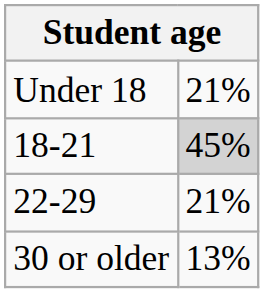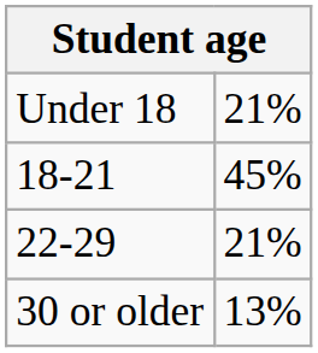 <table class="wikitable">
 <tr>
 <th colspan="2">Student age</th>
 </tr>
 <tr>
 <td>Under 18</td>
 <td>21%</td>
 </tr>
 <tr>
 <td>18-21</td>
-<td style="background: lightgrey;">45%</td>
+<td>45%</td>
 </tr>
 <tr>
 <td>22-29</td>
 <td>21%</td>
 </tr>
 <tr>
 <td>30 or older</td>
 <td>13%</td>
 </tr>
 </table>
